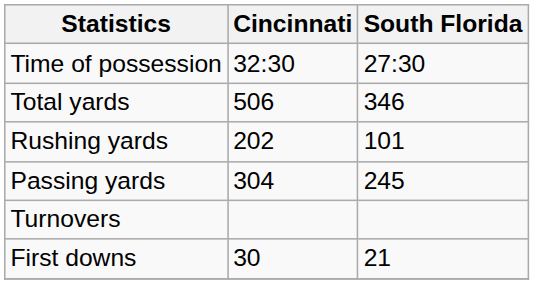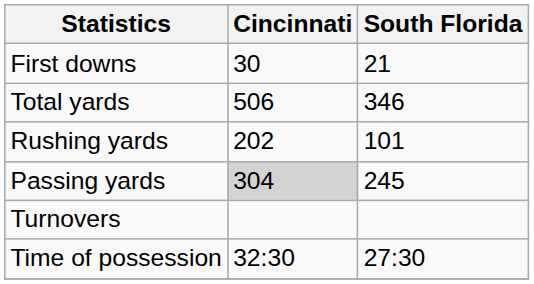 <table class="wikitable">
 <tr>
 <th>Statistics</th>
 <th>Cincinnati</th>
 <th>South Florida</th>
 </tr>
 <tr>
-<td>Time of possession</td>
-<td>32:30</td>
-<td>27:30</td>
+<td>First downs</td>
+<td>30</td>
+<td>21</td>
 </tr>
 <tr>
 <td>Total yards</td>
 <td>506</td>
 <td>346</td>
 </tr>
 <tr>
 <td>Rushing yards</td>
 <td>202</td>
 <td>101</td>
 </tr>
 <tr>
 <td>Passing yards</td>
-<td>304</td>
+<td style="background: lightgrey;">304</td>
 <td>245</td>
 </tr>
 <tr>
 <td>Turnovers</td>
 <td> </td>
 <td> </td>
 </tr>
 <tr>
-<td>First downs</td>
-<td>30</td>
-<td>21</td>
+<td>Time of possession</td>
+<td>32:30</td>
+<td>27:30</td>
 </tr>
 <tr>
 </tr>
 </table>
